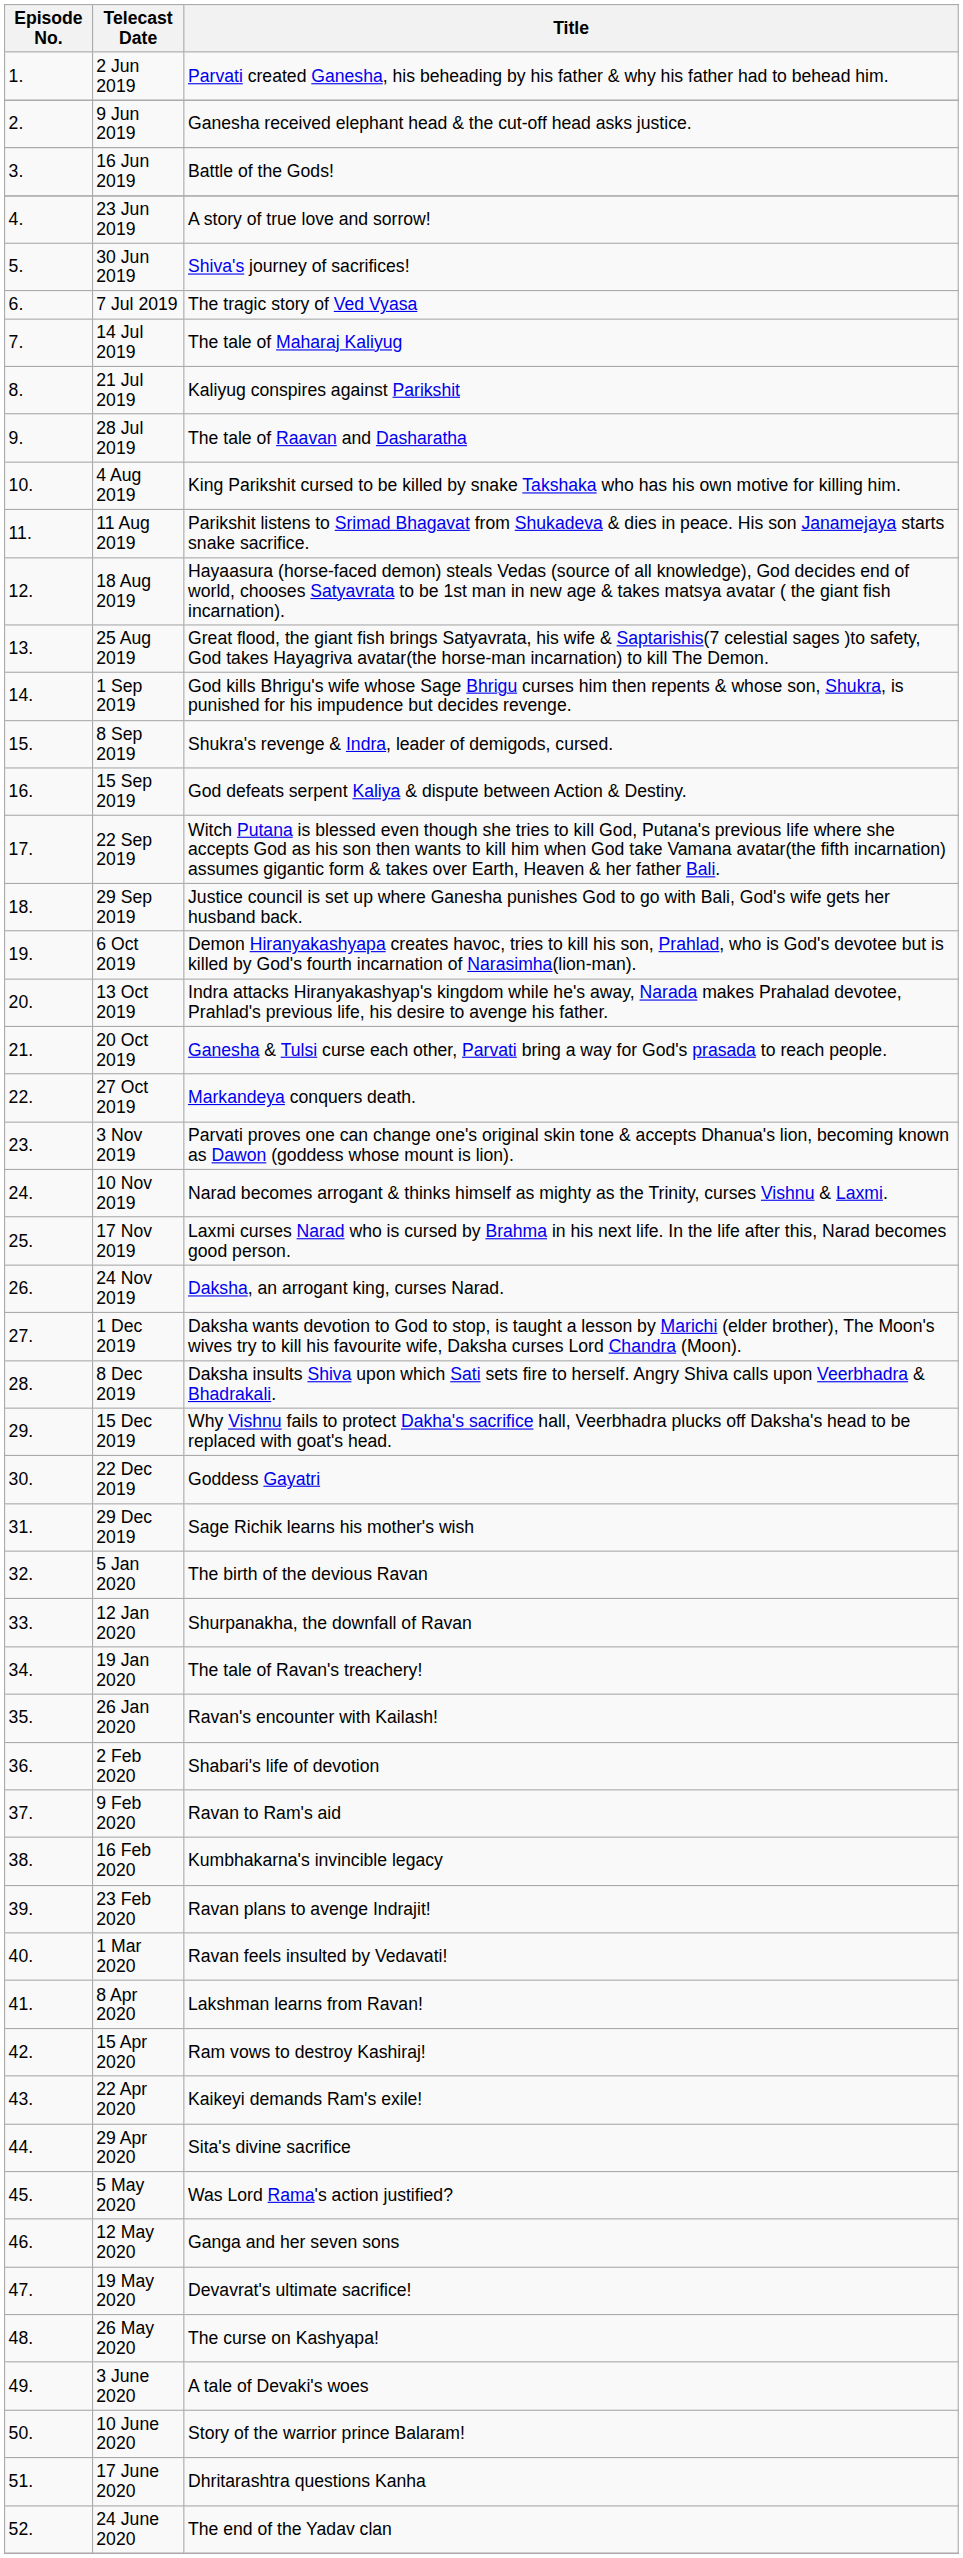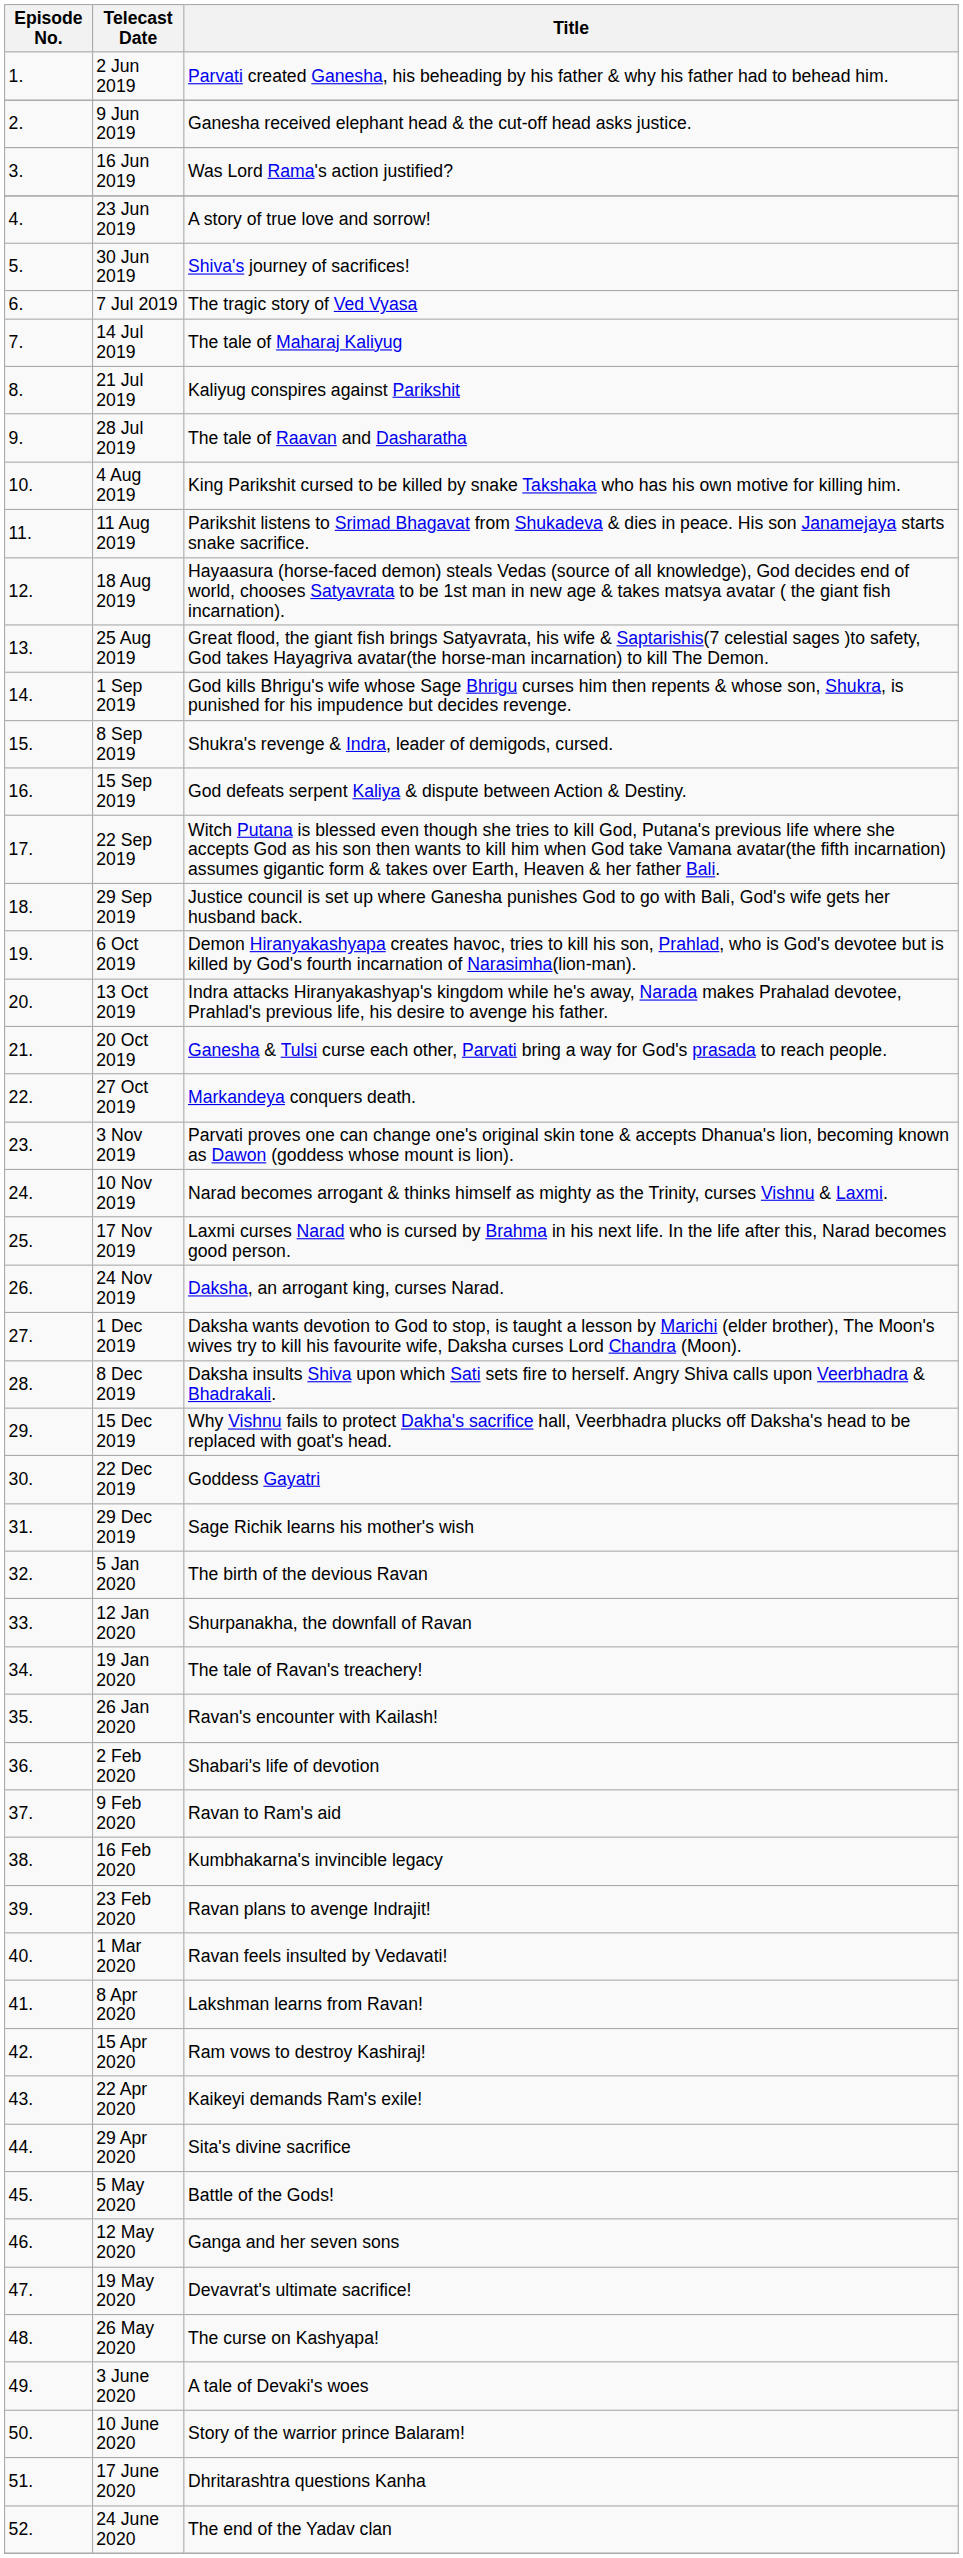 <table class="wikitable sortable">
 <tr>
 <th>Episode No.</th>
 <th>Telecast Date</th>
 <th>Title</th>
 </tr>
 <tr>
 <td>1.</td>
 <td>2 Jun 2019</td>
 <td><a href='#'>Parvati</a> created <a href='#'>Ganesha</a>, his beheading by his father & why his father had to behead him.</td>
 </tr>
 <tr>
 </tr>
 <tr>
 </tr>
 <tr>
 <td>2.</td>
 <td>9 Jun 2019</td>
 <td>Ganesha received elephant head & the cut-off head asks justice.</td>
 </tr>
 <tr>
 </tr>
 <tr>
 <td>3.</td>
 <td>16 Jun 2019</td>
-<td>Battle of the Gods!</td>
+<td>Was Lord <a href='#'>Rama</a>'s action justified?</td>
 </tr>
 <tr>
 </tr>
 <tr>
 <td>4.</td>
 <td>23 Jun 2019</td>
 <td>A story of true love and sorrow!</td>
 </tr>
 <tr>
 <td>5.</td>
 <td>30 Jun 2019</td>
 <td><a href='#'>Shiva's</a> journey of sacrifices!</td>
 </tr>
 <tr>
 <td>6.</td>
 <td>7 Jul 2019</td>
 <td>The tragic story of <a href='#'>Ved Vyasa</a></td>
 </tr>
 <tr>
 <td>7.</td>
 <td>14 Jul 2019</td>
 <td>The tale of <a href='#'>Maharaj Kaliyug</a></td>
 </tr>
 <tr>
 <td>8.</td>
 <td>21 Jul 2019</td>
 <td>Kaliyug conspires against <a href='#'>Parikshit</a></td>
 </tr>
 <tr>
 <td>9.</td>
 <td>28 Jul 2019</td>
 <td>The tale of <a href='#'>Raavan</a> and <a href='#'>Dasharatha</a></td>
 </tr>
 <tr>
 <td>10.</td>
 <td>4 Aug 2019</td>
 <td>King Parikshit cursed to be killed by snake <a href='#'>Takshaka</a> who has his own motive for killing him.</td>
 </tr>
 <tr>
 <td>11.</td>
 <td>11 Aug 2019</td>
 <td>Parikshit listens to <a href='#'>Srimad Bhagavat</a> from <a href='#'>Shukadeva</a> & dies in peace. His son <a href='#'>Janamejaya</a> starts snake sacrifice.</td>
 </tr>
 <tr>
 <td>12.</td>
 <td>18 Aug 2019</td>
 <td>Hayaasura (horse-faced demon) steals Vedas (source of all knowledge), God decides end of world, chooses <a href='#'>Satyavrata</a> to be 1st man in new age & takes matsya avatar ( the giant fish incarnation).</td>
 </tr>
 <tr>
 <td>13.</td>
 <td>25 Aug 2019</td>
 <td>Great flood, the giant fish brings Satyavrata, his wife & <a href='#'>Saptarishis</a>(7 celestial sages )to safety, God takes Hayagriva avatar(the horse-man incarnation) to kill The Demon.</td>
 </tr>
 <tr>
 <td>14.</td>
 <td>1 Sep 2019</td>
 <td>God kills Bhrigu's wife whose Sage <a href='#'>Bhrigu</a> curses him then repents & whose son, <a href='#'>Shukra</a>, is punished for his impudence but decides revenge.</td>
 </tr>
 <tr>
 <td>15.</td>
 <td>8 Sep 2019</td>
 <td>Shukra's revenge & <a href='#'>Indra</a>, leader of demigods, cursed.</td>
 </tr>
 <tr>
 <td>16.</td>
 <td>15 Sep 2019</td>
 <td>God defeats serpent <a href='#'>Kaliya</a> & dispute between Action & Destiny.</td>
 </tr>
 <tr>
 <td>17.</td>
 <td>22 Sep 2019</td>
 <td>Witch <a href='#'>Putana</a> is blessed even though she tries to kill God, Putana's previous life where she accepts God as his son then wants to kill him when God take Vamana avatar(the fifth incarnation) assumes gigantic form & takes over Earth, Heaven & her father <a href='#'>Bali</a>.</td>
 </tr>
 <tr>
 <td>18.</td>
 <td>29 Sep 2019</td>
 <td>Justice council is set up where Ganesha punishes God to go with Bali, God's wife gets her husband back.</td>
 </tr>
 <tr>
 <td>19.</td>
 <td>6 Oct 2019</td>
 <td>Demon <a href='#'>Hiranyakashyapa</a> creates havoc, tries to kill his son, <a href='#'>Prahlad</a>, who is God's devotee but is killed by God's fourth incarnation of <a href='#'>Narasimha</a>(lion-man).</td>
 </tr>
 <tr>
 <td>20.</td>
 <td>13 Oct 2019</td>
 <td>Indra attacks Hiranyakashyap's kingdom while he's away, <a href='#'>Narada</a> makes Prahalad devotee, Prahlad's previous life, his desire to avenge his father.</td>
 </tr>
 <tr>
 <td>21.</td>
 <td>20 Oct 2019</td>
 <td><a href='#'>Ganesha</a> & <a href='#'>Tulsi</a> curse each other, <a href='#'>Parvati</a> bring a way for God's <a href='#'>prasada</a> to reach people.</td>
 </tr>
 <tr>
 <td>22.</td>
 <td>27 Oct 2019</td>
 <td><a href='#'>Markandeya</a> conquers death.</td>
 </tr>
 <tr>
 <td>23.</td>
 <td>3 Nov 2019</td>
 <td>Parvati proves one can change one's original skin tone & accepts Dhanua's lion, becoming known as <a href='#'>Dawon</a> (goddess whose mount is lion).</td>
 </tr>
 <tr>
 <td>24.</td>
 <td>10 Nov 2019</td>
 <td>Narad becomes arrogant & thinks himself as mighty as the Trinity, curses <a href='#'>Vishnu</a> & <a href='#'>Laxmi</a>.</td>
 </tr>
 <tr>
 <td>25.</td>
 <td>17 Nov 2019</td>
 <td>Laxmi curses <a href='#'>Narad</a> who is cursed by <a href='#'>Brahma</a> in his next life. In the life after this, Narad becomes good person.</td>
 </tr>
 <tr>
 <td>26.</td>
 <td>24 Nov 2019</td>
 <td><a href='#'>Daksha</a>, an arrogant king, curses Narad.</td>
 </tr>
 <tr>
 <td>27.</td>
 <td>1 Dec 2019</td>
 <td>Daksha wants devotion to God to stop, is taught a lesson by <a href='#'>Marichi</a> (elder brother), The Moon's wives try to kill his favourite wife, Daksha curses Lord <a href='#'>Chandra</a> (Moon).</td>
 </tr>
 <tr>
 <td>28.</td>
 <td>8 Dec 2019</td>
 <td>Daksha insults <a href='#'>Shiva</a> upon which <a href='#'>Sati</a> sets fire to herself. Angry Shiva calls upon <a href='#'>Veerbhadra</a> & <a href='#'>Bhadrakali</a>.</td>
 </tr>
 <tr>
 <td>29.</td>
 <td>15 Dec 2019</td>
 <td>Why <a href='#'>Vishnu</a> fails to protect <a href='#'>Dakha's sacrifice</a> hall, Veerbhadra plucks off Daksha's head to be replaced with goat's head.</td>
 </tr>
 <tr>
 <td>30.</td>
 <td>22 Dec 2019</td>
 <td>Goddess <a href='#'>Gayatri</a></td>
 </tr>
 <tr>
 <td>31.</td>
 <td>29 Dec 2019</td>
 <td>Sage Richik learns his mother's wish</td>
 </tr>
 <tr>
 <td>32.</td>
 <td>5 Jan 2020</td>
 <td>The birth of the devious Ravan</td>
 </tr>
 <tr>
 <td>33.</td>
 <td>12 Jan 2020</td>
 <td>Shurpanakha, the downfall of Ravan</td>
 </tr>
 <tr>
 <td>34.</td>
 <td>19 Jan 2020</td>
 <td>The tale of Ravan's treachery!</td>
 </tr>
 <tr>
 <td>35.</td>
 <td>26 Jan 2020</td>
 <td>Ravan's encounter with Kailash!</td>
 </tr>
 <tr>
 <td>36.</td>
 <td>2 Feb 2020</td>
 <td>Shabari's life of devotion</td>
 </tr>
 <tr>
 <td>37.</td>
 <td>9 Feb 2020</td>
 <td>Ravan to Ram's aid</td>
 </tr>
 <tr>
 <td>38.</td>
 <td>16 Feb 2020</td>
 <td>Kumbhakarna's invincible legacy</td>
 </tr>
 <tr>
 <td>39.</td>
 <td>23 Feb 2020</td>
 <td>Ravan plans to avenge Indrajit!</td>
 </tr>
 <tr>
 <td>40.</td>
 <td>1 Mar 2020</td>
 <td>Ravan feels insulted by Vedavati!</td>
 </tr>
 <tr>
 <td>41.</td>
 <td>8 Apr 2020</td>
 <td>Lakshman learns from Ravan!</td>
 </tr>
 <tr>
 <td>42.</td>
 <td>15 Apr 2020</td>
 <td>Ram vows to destroy Kashiraj!</td>
 </tr>
 <tr>
 <td>43.</td>
 <td>22 Apr 2020</td>
 <td>Kaikeyi demands Ram's exile!</td>
 </tr>
 <tr>
 <td>44.</td>
 <td>29 Apr 2020</td>
 <td>Sita's divine sacrifice</td>
 </tr>
 <tr>
 <td>45.</td>
 <td>5 May 2020</td>
-<td>Was Lord <a href='#'>Rama</a>'s action justified?</td>
+<td>Battle of the Gods!</td>
 </tr>
 <tr>
 <td>46.</td>
 <td>12 May 2020</td>
 <td>Ganga and her seven sons</td>
 </tr>
 <tr>
 <td>47.</td>
 <td>19 May 2020</td>
 <td>Devavrat's ultimate sacrifice!</td>
 </tr>
 <tr>
 <td>48.</td>
 <td>26 May 2020</td>
 <td>The curse on Kashyapa!</td>
 </tr>
 <tr>
 <td>49.</td>
 <td>3 June 2020</td>
 <td>A tale of Devaki's woes</td>
 </tr>
 <tr>
 <td>50.</td>
 <td>10 June 2020</td>
 <td>Story of the warrior prince Balaram!</td>
 </tr>
 <tr>
 <td>51.</td>
 <td>17 June 2020</td>
 <td>Dhritarashtra questions Kanha</td>
 </tr>
 <tr>
 <td>52.</td>
 <td>24 June 2020</td>
 <td>The end of the Yadav clan</td>
 </tr>
 <tr>
 </tr>
 </table>
